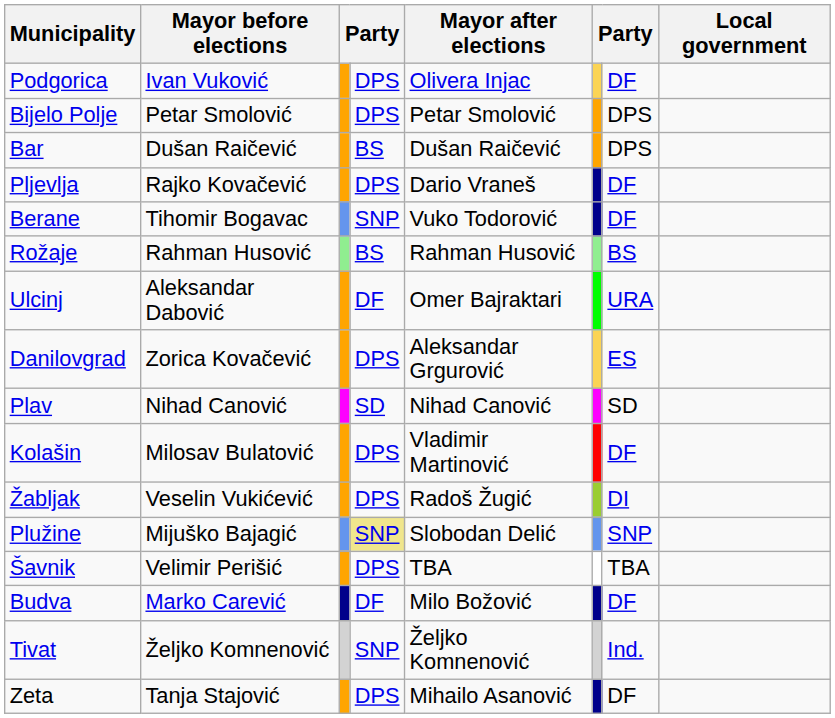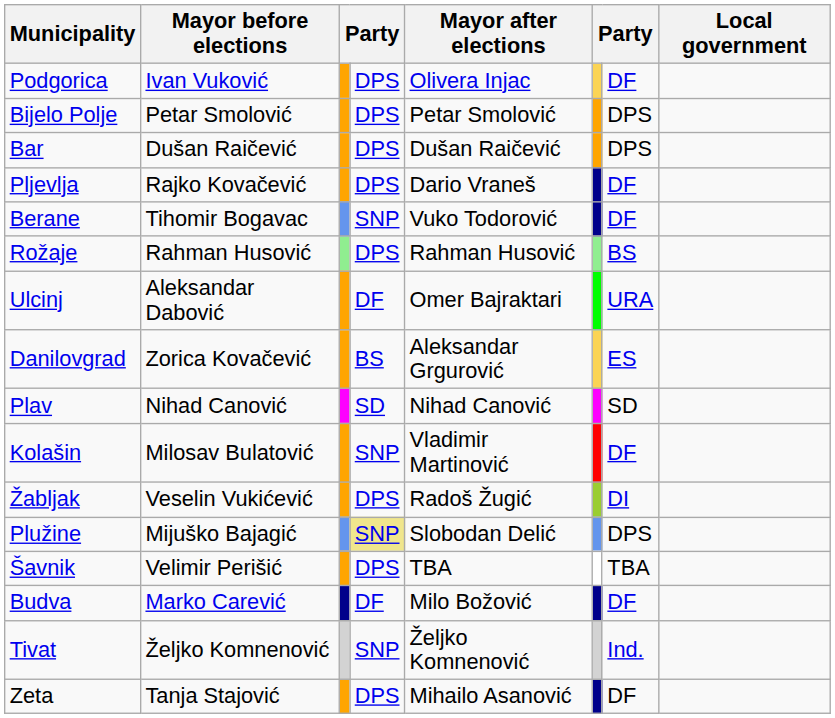 <table class="wikitable sortable">
 <tr>
 <th>Municipality</th>
 <th>Mayor before elections</th>
 <th colspan=2>Party</th>
 <th>Mayor after elections</th>
 <th colspan=2>Party</th>
 <th>Local government</th>
 </tr>
 <tr>
 <td><a href='#'>Podgorica</a></td>
 <td><a href='#'>Ivan Vuković</a></td>
 <th style="background-color: orange"></th>
 <td><a href='#'>DPS</a></td>
 <td><a href='#'>Olivera Injac</a></td>
 <th style="background-color: #FBD455"></th>
 <td><a href='#'>DF</a></td>
 <td></td>
 </tr>
 <tr>
 <td><a href='#'>Bijelo Polje</a></td>
 <td>Petar Smolović</td>
 <th style="background-color: orange"></th>
 <td><a href='#'>DPS</a></td>
 <td>Petar Smolović</td>
 <th style="background-color: orange"></th>
 <td>DPS</td>
 <td></td>
 </tr>
 <tr>
 <td><a href='#'>Bar</a></td>
 <td>Dušan Raičević</td>
 <th style="background-color: orange"></th>
-<td><a href='#'>BS</a></td>
+<td><a href='#'>DPS</a></td>
 <td>Dušan Raičević</td>
 <th style="background-color: orange"></th>
 <td>DPS</td>
 <td></td>
 </tr>
 <tr>
 <td><a href='#'>Pljevlja</a></td>
 <td>Rajko Kovačević</td>
 <th style="background-color: orange"></th>
 <td><a href='#'>DPS</a></td>
 <td>Dario Vraneš</td>
 <th style="background-color: darkblue"></th>
 <td><a href='#'>DF</a></td>
 <td></td>
 </tr>
 <tr>
 <td><a href='#'>Berane</a></td>
 <td>Tihomir Bogavac</td>
 <th style="background-color: cornflowerblue"></th>
 <td><a href='#'>SNP</a></td>
 <td>Vuko Todorović</td>
 <th style="background-color: darkblue"></th>
 <td><a href='#'>DF</a></td>
 <td></td>
 </tr>
 <tr>
 <td><a href='#'>Rožaje</a></td>
 <td>Rahman Husović</td>
 <th style="background-color: lightgreen"></th>
-<td><a href='#'>BS</a></td>
+<td><a href='#'>DPS</a></td>
 <td>Rahman Husović</td>
 <th style="background-color: lightgreen"></th>
 <td><a href='#'>BS</a></td>
 <td></td>
 </tr>
 <tr>
 <td><a href='#'>Ulcinj</a></td>
 <td>Aleksandar Dabović</td>
 <th style="background-color: orange"></th>
 <td><a href='#'>DF</a></td>
 <td>Omer Bajraktari</td>
 <th style="background-color: lime"></th>
 <td><a href='#'>URA</a></td>
 <td></td>
 </tr>
 <tr>
 <td><a href='#'>Danilovgrad</a></td>
 <td>Zorica Kovačević</td>
 <th style="background-color: orange"></th>
-<td><a href='#'>DPS</a></td>
+<td><a href='#'>BS</a></td>
 <td>Aleksandar Grgurović</td>
 <th style="background-color: #FBD455"></th>
 <td><a href='#'>ES</a></td>
 <td></td>
 </tr>
 <tr>
 <td><a href='#'>Plav</a></td>
 <td>Nihad Canović</td>
 <th style="background-color: #fd00ff"></th>
 <td><a href='#'>SD</a></td>
 <td>Nihad Canović</td>
 <th style="background-color: #fd00ff"></th>
 <td>SD</td>
 <td></td>
 </tr>
 <tr>
 <td><a href='#'>Kolašin</a></td>
 <td>Milosav Bulatović</td>
 <th style="background-color: orange"></th>
-<td><a href='#'>DPS</a></td>
+<td><a href='#'>SNP</a></td>
 <td>Vladimir Martinović</td>
 <th style="background-color: red"></th>
 <td><a href='#'>DF</a></td>
 <td></td>
 </tr>
 <tr>
 <td><a href='#'>Žabljak</a></td>
 <td>Veselin Vukićević</td>
 <th style="background-color: orange"></th>
 <td><a href='#'>DPS</a></td>
 <td>Radoš Žugić</td>
 <th style="background:#9ACD32;"></th>
 <td><a href='#'>DI</a></td>
 <td></td>
 </tr>
 <tr>
 <td><a href='#'>Plužine</a></td>
 <td>Mijuško Bajagić</td>
 <th style="background-color: cornflowerblue"></th>
 <td style="background: khaki;"><a href='#'>SNP</a></td>
 <td>Slobodan Delić</td>
 <th style="background-color: cornflowerblue"></th>
-<td><a href='#'>SNP</a></td>
+<td>DPS</td>
 <td></td>
 </tr>
 <tr>
 <td><a href='#'>Šavnik</a></td>
 <td>Velimir Perišić</td>
 <th style="background-color: orange"></th>
 <td><a href='#'>DPS</a></td>
 <td>TBA</td>
 <th style="background-color: white"></th>
 <td>TBA</td>
 <td></td>
 </tr>
 <tr>
 <td><a href='#'>Budva</a></td>
 <td><a href='#'>Marko Carević</a></td>
 <th style="background-color: darkblue"></th>
 <td><a href='#'>DF</a></td>
 <td>Milo Božović</td>
 <th style="background-color: darkblue"></th>
 <td><a href='#'>DF</a></td>
 <td></td>
 </tr>
 <tr>
 <td><a href='#'>Tivat</a></td>
 <td>Željko Komnenović</td>
 <th style="background-color: lightgrey"></th>
 <td><a href='#'>SNP</a></td>
 <td>Željko Komnenović</td>
 <th style="background-color: lightgrey"></th>
 <td><a href='#'>Ind.</a></td>
 <td></td>
 </tr>
 <tr>
 <td>Zeta</td>
 <td>Tanja Stajović</td>
 <th style="background-color: orange"></th>
 <td><a href='#'>DPS</a></td>
 <td>Mihailo Asanović</td>
 <th style="background-color: darkblue"></th>
 <td>DF</td>
 <td></td>
 </tr>
 </table>
